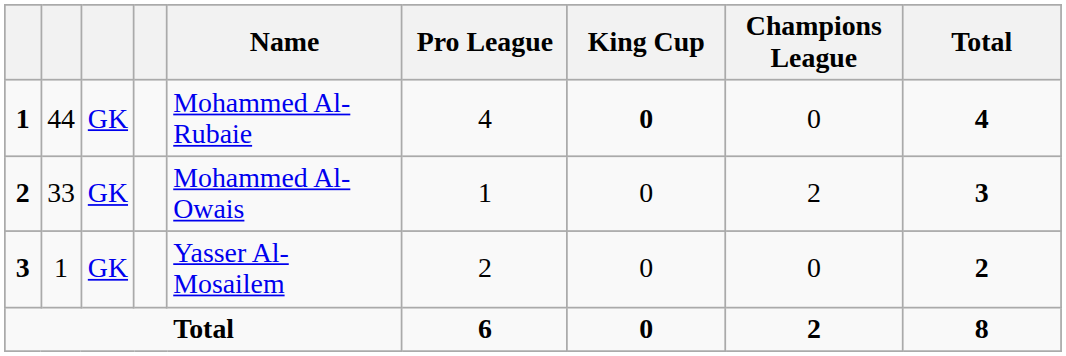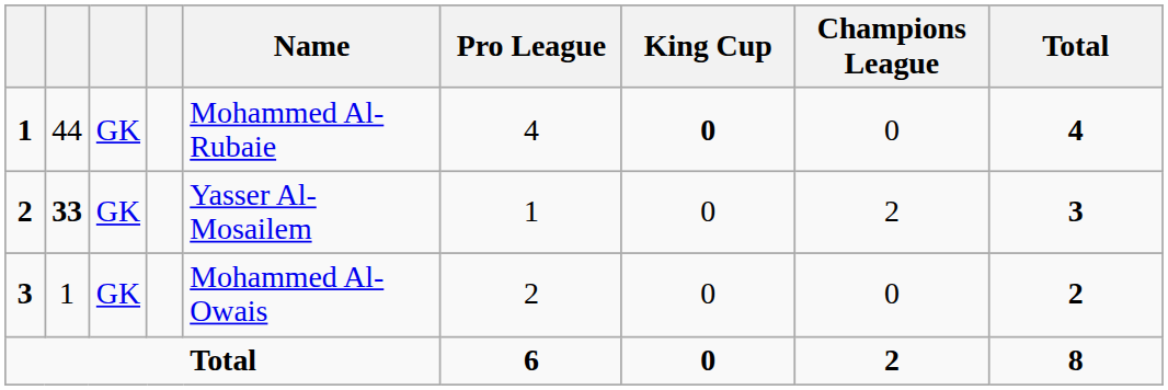 <table class="wikitable" style="text-align:center">
 <tr>
 <th width=15></th>
 <th width=15></th>
 <th width=15></th>
 <th width=15></th>
 <th width=145>Name</th>
 <th width=100>Pro League</th>
 <th width=100>King Cup</th>
 <th width=100>Champions League</th>
 <th width=100>Total</th>
 </tr>
 <tr>
 <td><strong>1</strong></td>
 <td>44</td>
 <td><a href='#'>GK</a></td>
 <td></td>
 <td align=left><a href='#'>Mohammed Al-Rubaie</a></td>
 <td>4</td>
 <td><strong>0</strong></td>
 <td>0</td>
 <td><strong>4</strong></td>
 </tr>
 <tr>
 <td><strong>2</strong></td>
-<td>33</td>
+<td><strong>33</strong></td>
 <td><a href='#'>GK</a></td>
 <td></td>
-<td align=left><a href='#'>Mohammed Al-Owais</a></td>
+<td align=left><a href='#'>Yasser Al-Mosailem</a></td>
 <td>1</td>
 <td>0</td>
 <td>2</td>
 <td><strong>3</strong></td>
 </tr>
 <tr>
 <td><strong>3</strong></td>
 <td>1</td>
 <td><a href='#'>GK</a></td>
 <td></td>
-<td align=left><a href='#'>Yasser Al-Mosailem</a></td>
+<td align=left><a href='#'>Mohammed Al-Owais</a></td>
 <td>2</td>
 <td>0</td>
 <td>0</td>
 <td><strong>2</strong></td>
 </tr>
 <tr>
 <td colspan=5><strong>Total</strong></td>
 <td><strong>6</strong></td>
 <td><strong>0</strong></td>
 <td><strong>2</strong></td>
 <td><strong>8</strong></td>
 </tr>
 </table>
